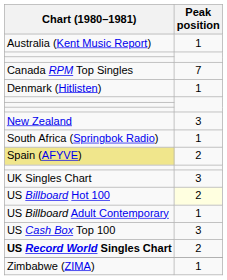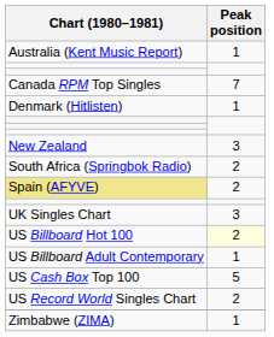 <table class="wikitable sortable">
 <tr>
 <th>Chart (1980–1981)</th>
 <th>Peak<br>position</th>
 </tr>
 <tr>
 <td>Australia (<a href='#'>Kent Music Report</a>)</td>
 <td style="text-align:center;">1</td>
 </tr>
 <tr>
 <td></td>
 </tr>
 <tr>
 <td></td>
 </tr>
 <tr>
 <td>Canada <em><a href='#'>RPM</a></em> Top Singles</td>
 <td style="text-align:center;">7</td>
 </tr>
 <tr>
 <td>Denmark (<a href='#'>Hitlisten</a>)</td>
 <td style="text-align:center;">1</td>
 </tr>
 <tr>
 <td></td>
 </tr>
 <tr>
 <td></td>
 </tr>
 <tr>
 <td></td>
 </tr>
 <tr>
 <td><a href='#'>New Zealand</a></td>
 <td style="text-align:center;">3</td>
 </tr>
 <tr>
 <td>South Africa (<a href='#'>Springbok Radio</a>)</td>
-<td align="center">1</td>
+<td align="center">2</td>
 </tr>
 <tr>
 <td style="background: khaki;">Spain (<a href='#'>AFYVE</a>)</td>
 <td style="text-align:center;">2</td>
 </tr>
 <tr>
 <td></td>
 </tr>
 <tr>
 <td>UK Singles Chart</td>
 <td style="text-align:center;">3</td>
 </tr>
 <tr>
 <td>US <em><a href='#'>Billboard</a></em> <a href='#'>Hot 100</a></td>
 <td style="background: lightyellow; text-align:center;">2</td>
 </tr>
 <tr>
 <td>US <em>Billboard</em> <a href='#'>Adult Contemporary</a></td>
 <td style="text-align:center;">1</td>
 </tr>
 <tr>
 <td>US <a href='#'><em>Cash Box</em></a> Top 100</td>
-<td align="center">3</td>
+<td align="center">5</td>
 </tr>
 <tr>
-<td><strong>US <em><a href='#'>Record World</a></em> Singles Chart</strong></td>
+<td>US <em><a href='#'>Record World</a></em> Singles Chart</td>
 <td align="center">2</td>
 </tr>
 <tr>
 </tr>
 <tr>
 <td>Zimbabwe (<a href='#'>ZIMA</a>)</td>
 <td style="text-align:center;">1</td>
 </tr>
 </table>
